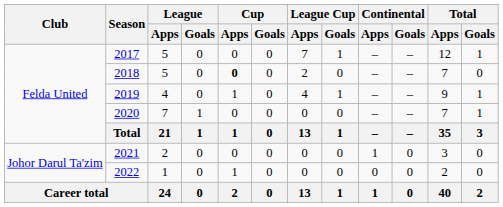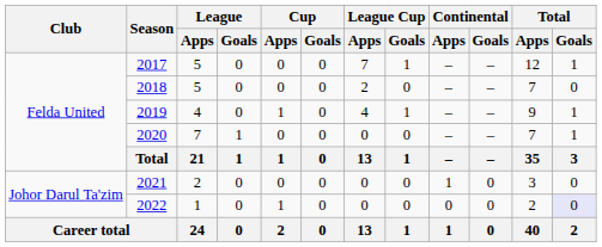 <table class="wikitable" style="text-align: center;">
 <tr>
 <th rowspan="2">Club</th>
 <th rowspan="2">Season</th>
 <th colspan="2">League</th>
 <th colspan="2">Cup</th>
 <th colspan="2">League Cup</th>
 <th colspan="2">Continental</th>
 <th colspan="2">Total</th>
 </tr>
 <tr>
 <th>Apps</th>
 <th>Goals</th>
 <th>Apps</th>
 <th>Goals</th>
 <th>Apps</th>
 <th>Goals</th>
 <th>Apps</th>
 <th>Goals</th>
 <th>Apps</th>
 <th>Goals</th>
 </tr>
 <tr>
 <td rowspan="5" valign="center"><a href='#'>Felda United</a></td>
 <td><a href='#'>2017</a></td>
 <td>5</td>
 <td>0</td>
 <td>0</td>
 <td>0</td>
 <td>7</td>
 <td>1</td>
 <td>–</td>
 <td>–</td>
 <td>12</td>
 <td>1</td>
 </tr>
 <tr>
 <td><a href='#'>2018</a></td>
 <td>5</td>
 <td>0</td>
-<td><strong>0</strong></td>
+<td>0</td>
 <td>0</td>
 <td>2</td>
 <td>0</td>
 <td>–</td>
 <td>–</td>
 <td>7</td>
 <td>0</td>
 </tr>
 <tr>
 <td><a href='#'>2019</a></td>
 <td>4</td>
 <td>0</td>
 <td>1</td>
 <td>0</td>
 <td>4</td>
 <td>1</td>
 <td>–</td>
 <td>–</td>
 <td>9</td>
 <td>1</td>
 </tr>
 <tr>
 <td><a href='#'>2020</a></td>
 <td>7</td>
 <td>1</td>
 <td>0</td>
 <td>0</td>
 <td>0</td>
 <td>0</td>
 <td>–</td>
 <td>–</td>
 <td>7</td>
 <td>1</td>
 </tr>
 <tr>
 <th>Total</th>
 <th>21</th>
 <th>1</th>
 <th>1</th>
 <th>0</th>
 <th>13</th>
 <th>1</th>
 <th>–</th>
 <th>–</th>
 <th>35</th>
 <th>3</th>
 </tr>
 <tr>
 <td rowspan="2" valign="center"><a href='#'>Johor Darul Ta'zim</a></td>
 <td><a href='#'>2021</a></td>
 <td>2</td>
 <td>0</td>
 <td>0</td>
 <td>0</td>
 <td>0</td>
 <td>0</td>
 <td>1</td>
 <td>0</td>
 <td>3</td>
 <td>0</td>
 </tr>
 <tr>
 <td><a href='#'>2022</a></td>
 <td>1</td>
 <td>0</td>
 <td>1</td>
 <td>0</td>
 <td>0</td>
 <td>0</td>
 <td>0</td>
 <td>0</td>
 <td>2</td>
-<td>0</td>
+<td style="background: lavender;">0</td>
 </tr>
 <tr>
 <th colspan=2>Career total</th>
 <th>24</th>
 <th>0</th>
 <th>2</th>
 <th>0</th>
 <th>13</th>
 <th>1</th>
 <th>1</th>
 <th>0</th>
 <th>40</th>
 <th>2</th>
 </tr>
 </table>
